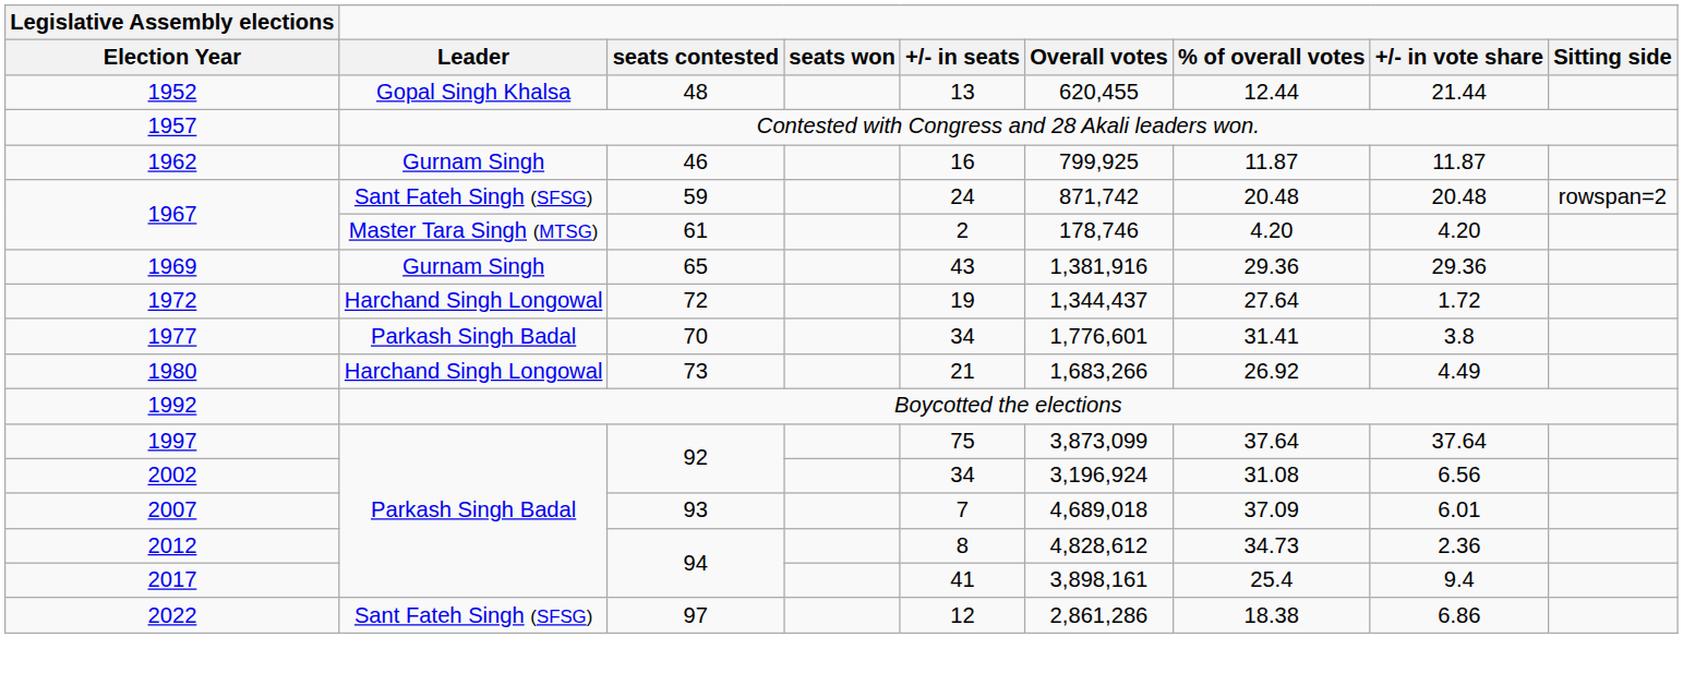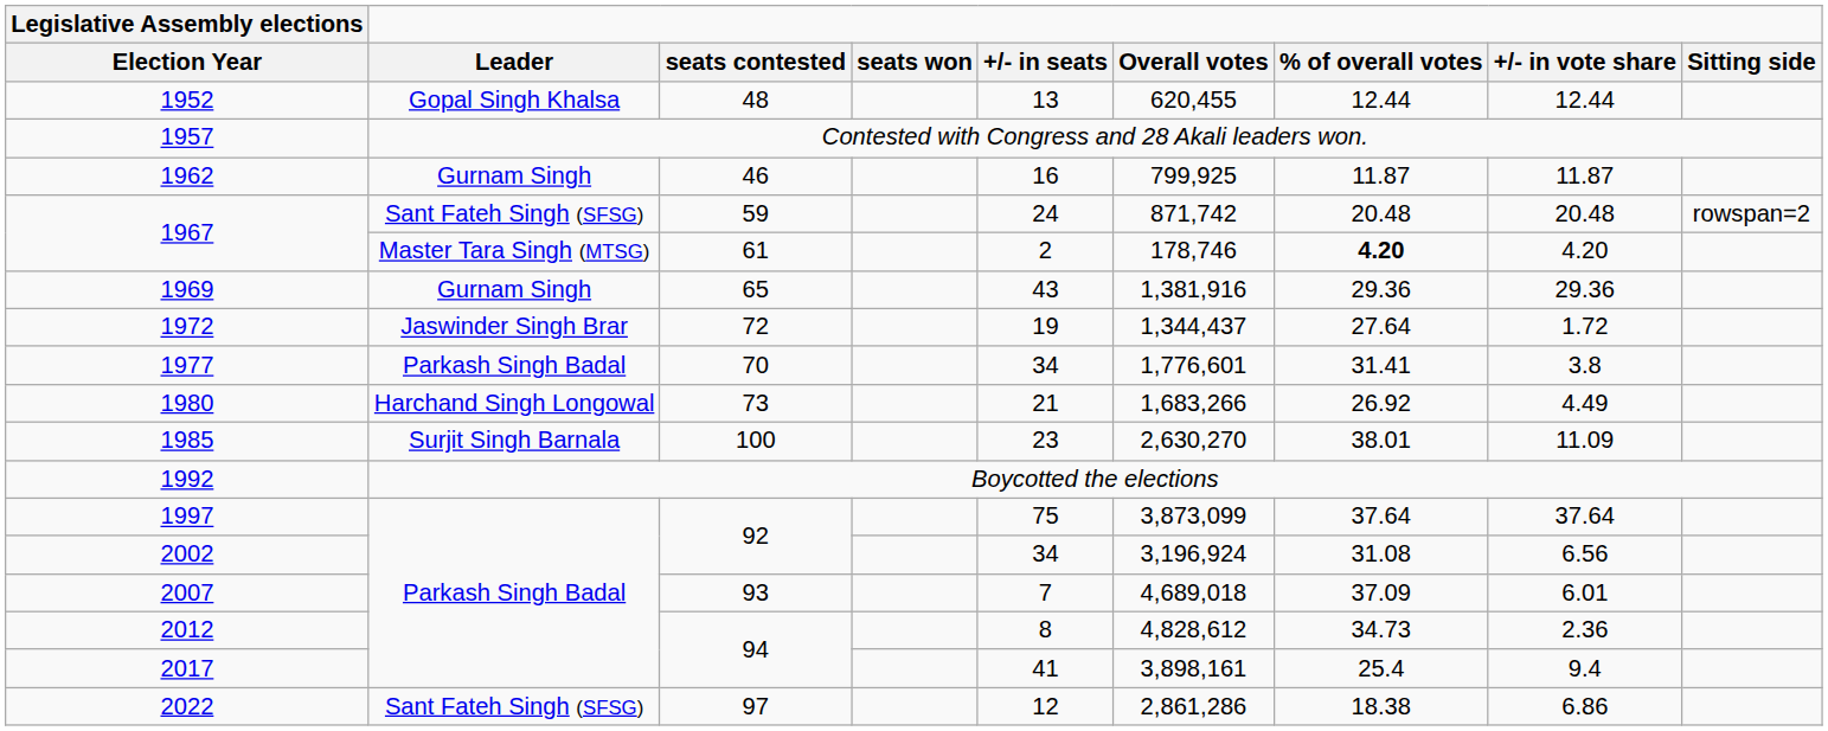 <table class="wikitable sortable " style="text-align:center;">
 <tr>
 <th Style="background-color:">Legislative Assembly elections</th>
 </tr>
 <tr>
 <th Style="background-color:">Election Year</th>
 <th style="background-color:">Leader</th>
 <th style="background-color:">seats contested</th>
 <th style="background-color:">seats won</th>
 <th style="background-color:">+/- in seats</th>
 <th style="background-color:">Overall votes</th>
 <th Style="background-color:">% of overall votes</th>
 <th Style="background-color:">+/- in vote share</th>
 <th Style="background-color:">Sitting side</th>
 </tr>
 <tr>
 <td><a href='#'>1952</a></td>
 <td><a href='#'>Gopal Singh Khalsa</a></td>
 <td>48</td>
 <td></td>
 <td> 13</td>
 <td>620,455</td>
 <td>12.44</td>
-<td> 21.44</td>
+<td> 12.44</td>
 <td></td>
 </tr>
 <tr>
 <td><a href='#'>1957</a></td>
 <td colspan=8><em>Contested with Congress and 28 Akali leaders won.</em></td>
 </tr>
 <tr>
 <td><a href='#'>1962</a></td>
 <td><a href='#'>Gurnam Singh</a></td>
 <td>46</td>
 <td></td>
 <td> 16</td>
 <td>799,925</td>
 <td>11.87</td>
 <td> 11.87</td>
 <td></td>
 </tr>
 <tr>
 <td rowspan=2><a href='#'>1967</a></td>
 <td><a href='#'>Sant Fateh Singh</a> <small>(<a href='#'>SFSG</a>)</small></td>
 <td>59</td>
 <td></td>
 <td> 24</td>
 <td>871,742</td>
 <td>20.48</td>
 <td> 20.48</td>
 <td>rowspan=2 </td>
 </tr>
 <tr>
 <td><a href='#'>Master Tara Singh</a> <small>(<a href='#'>MTSG</a>)</small></td>
 <td>61</td>
 <td></td>
 <td> 2</td>
 <td>178,746</td>
-<td>4.20</td>
+<td><strong>4.20</strong></td>
 <td> 4.20</td>
 </tr>
 <tr>
 <td><a href='#'>1969</a></td>
 <td><a href='#'>Gurnam Singh</a></td>
 <td>65</td>
 <td></td>
 <td> 43</td>
 <td>1,381,916</td>
 <td>29.36</td>
 <td> 29.36</td>
 <td></td>
 </tr>
 <tr>
 <td><a href='#'>1972</a></td>
-<td><a href='#'>Harchand Singh Longowal</a></td>
+<td><a href='#'>Jaswinder Singh Brar</a></td>
 <td>72</td>
 <td></td>
 <td> 19</td>
 <td>1,344,437</td>
 <td>27.64</td>
 <td> 1.72</td>
 <td></td>
 </tr>
 <tr>
 <td><a href='#'>1977</a></td>
 <td><a href='#'>Parkash Singh Badal</a></td>
 <td>70</td>
 <td></td>
 <td> 34</td>
 <td>1,776,601</td>
 <td>31.41</td>
 <td> 3.8</td>
 <td></td>
 </tr>
 <tr>
 <td><a href='#'>1980</a></td>
 <td><a href='#'>Harchand Singh Longowal</a></td>
 <td>73</td>
 <td></td>
 <td> 21</td>
 <td>1,683,266</td>
 <td>26.92</td>
 <td> 4.49</td>
+<td></td>
+</tr>
+<tr>
+<td><a href='#'>1985</a></td>
+<td><a href='#'>Surjit Singh Barnala</a></td>
+<td>100</td>
+<td></td>
+<td> 23</td>
+<td>2,630,270</td>
+<td>38.01</td>
+<td> 11.09</td>
 <td></td>
 </tr>
 <tr>
 <td><a href='#'>1992</a></td>
 <td colspan=8><em>Boycotted the elections</em></td>
 </tr>
 <tr>
 <td><a href='#'>1997</a></td>
 <td rowspan=5><a href='#'>Parkash Singh Badal</a></td>
 <td rowspan=2>92</td>
 <td></td>
 <td> 75</td>
 <td>3,873,099</td>
 <td>37.64</td>
 <td> 37.64</td>
 <td></td>
 </tr>
 <tr>
 <td><a href='#'>2002</a></td>
 <td></td>
 <td> 34</td>
 <td>3,196,924</td>
 <td>31.08</td>
 <td> 6.56</td>
 <td></td>
 </tr>
 <tr>
 <td><a href='#'>2007</a></td>
 <td>93</td>
 <td></td>
 <td> 7</td>
 <td>4,689,018</td>
 <td>37.09</td>
 <td> 6.01</td>
 <td></td>
 </tr>
 <tr>
 <td><a href='#'>2012</a></td>
 <td rowspan=2>94</td>
 <td></td>
 <td> 8</td>
 <td>4,828,612</td>
 <td>34.73</td>
 <td> 2.36</td>
 <td></td>
 </tr>
 <tr>
 <td><a href='#'>2017</a></td>
 <td></td>
 <td> 41</td>
 <td>3,898,161</td>
 <td>25.4</td>
 <td> 9.4</td>
 <td></td>
 </tr>
 <tr>
 <td><a href='#'>2022</a></td>
 <td><a href='#'>Sant Fateh Singh</a> <small>(<a href='#'>SFSG</a>)</small></td>
 <td>97</td>
 <td></td>
 <td> 12</td>
 <td>2,861,286</td>
 <td>18.38</td>
 <td> 6.86</td>
 <td></td>
 </tr>
 </table>
